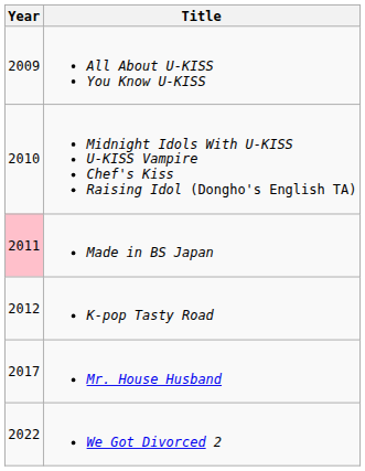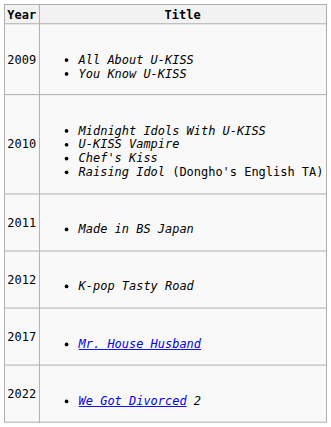 <table class="wikitable">
 <tr>
 <th>Year</th>
 <th>Title</th>
 </tr>
 <tr>
 <td>2009</td>
 <td><br><ul><li><em>All About U-KISS</em></li><li><em>You Know U-KISS</em></li></ul></td>
 </tr>
 <tr>
 <td>2010</td>
 <td><br><ul><li><em>Midnight Idols With U-KISS</em></li><li><em>U-KISS Vampire</em></li><li><em>Chef's Kiss</em></li><li><em>Raising Idol</em> (Dongho's English TA)</li></ul></td>
 </tr>
 <tr>
-<td style="background: pink;">2011</td>
+<td>2011</td>
 <td><br><ul><li><em>Made in BS Japan</em></li></ul></td>
 </tr>
 <tr>
 <td>2012</td>
 <td><br><ul><li><em>K-pop Tasty Road</em></li></ul></td>
 </tr>
 <tr>
 <td>2017</td>
 <td><br><ul><li><em><a href='#'>Mr. House Husband</a></em></li></ul></td>
 </tr>
 <tr>
 <td>2022</td>
 <td><br><ul><li><em><a href='#'>We Got Divorced</a> 2</em></li></ul></td>
 </tr>
 </table>
